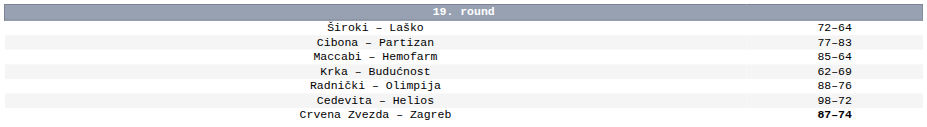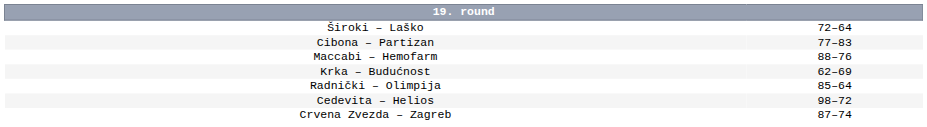 <table border=0 cellspacing=0 cellpadding=1em style="font-size: 85%; border-collapse: collapse;" width=100%>
 <tr>
 <td colspan=5 bgcolor=#98A1B2 style="border:1px solid #7A8392; text-align:center; color:#FFFFFF;"><strong>19. round</strong></td>
 </tr>
 <tr style="text-align:center; background:#FFFFFF">
 <td>Široki – Laško</td>
 <td>72–64</td>
 </tr>
 <tr align=center bgcolor=#f5f5f5>
 <td>Cibona – Partizan</td>
 <td>77–83</td>
 </tr>
 <tr style="text-align:center; background:#FFFFFF">
 <td>Maccabi – Hemofarm</td>
-<td>85–64</td>
+<td>88–76</td>
 </tr>
 <tr align=center bgcolor=#f5f5f5>
 <td>Krka – Budućnost</td>
 <td>62–69</td>
 </tr>
 <tr style="text-align:center; background:#FFFFFF">
 <td>Radnički – Olimpija</td>
-<td>88–76</td>
+<td>85–64</td>
 </tr>
 <tr align=center bgcolor=#f5f5f5>
 <td>Cedevita – Helios</td>
 <td>98–72</td>
 </tr>
 <tr style="text-align:center; background:#FFFFFF">
 <td>Crvena Zvezda – Zagreb</td>
-<td><strong>87–74</strong></td>
+<td>87–74</td>
 </tr>
 </table>
